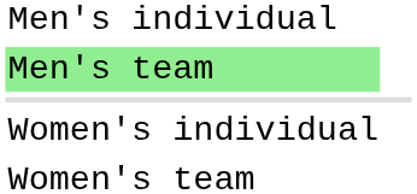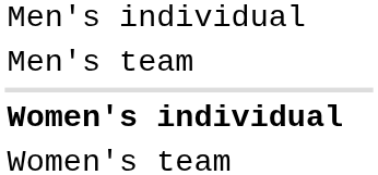 <table>
 <tr>
 <td>Men's individual<br></td>
 <td></td>
 <td></td>
 <td></td>
 </tr>
 <tr>
-<td style="background: lightgreen;">Men's team<br></td>
+<td>Men's team<br></td>
 <td></td>
 <td></td>
 <td></td>
 </tr>
 <tr bgcolor=#DDDDDD>
 <td colspan=7></td>
 </tr>
 <tr>
-<td>Women's individual<br></td>
+<td><strong>Women's individual<br></strong></td>
 <td></td>
 <td></td>
 <td></td>
 </tr>
 <tr>
 <td>Women's team<br></td>
 <td></td>
 <td></td>
 <td></td>
 </tr>
 </table>
